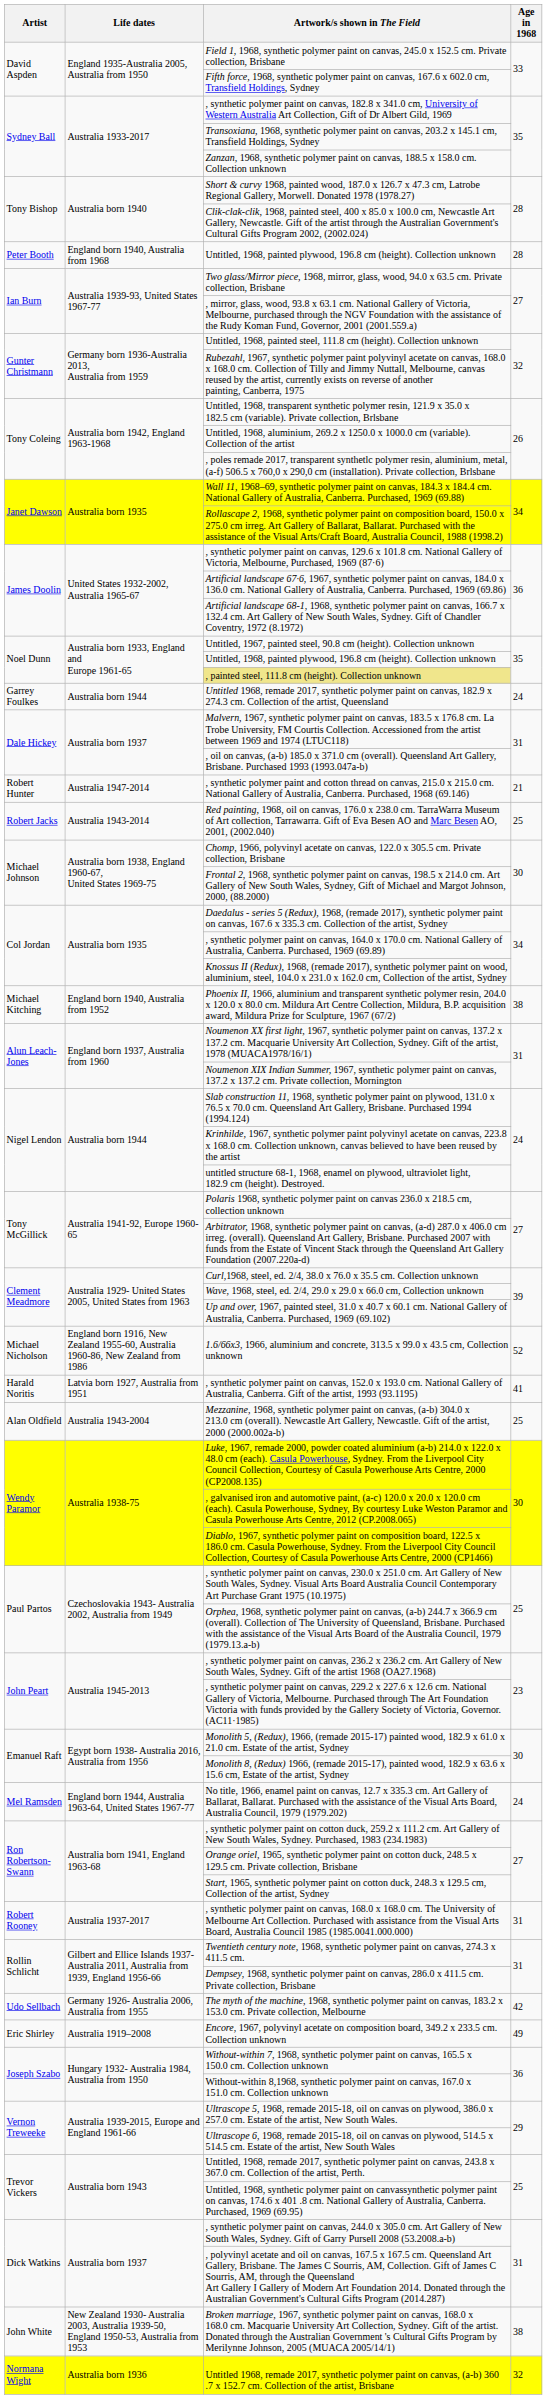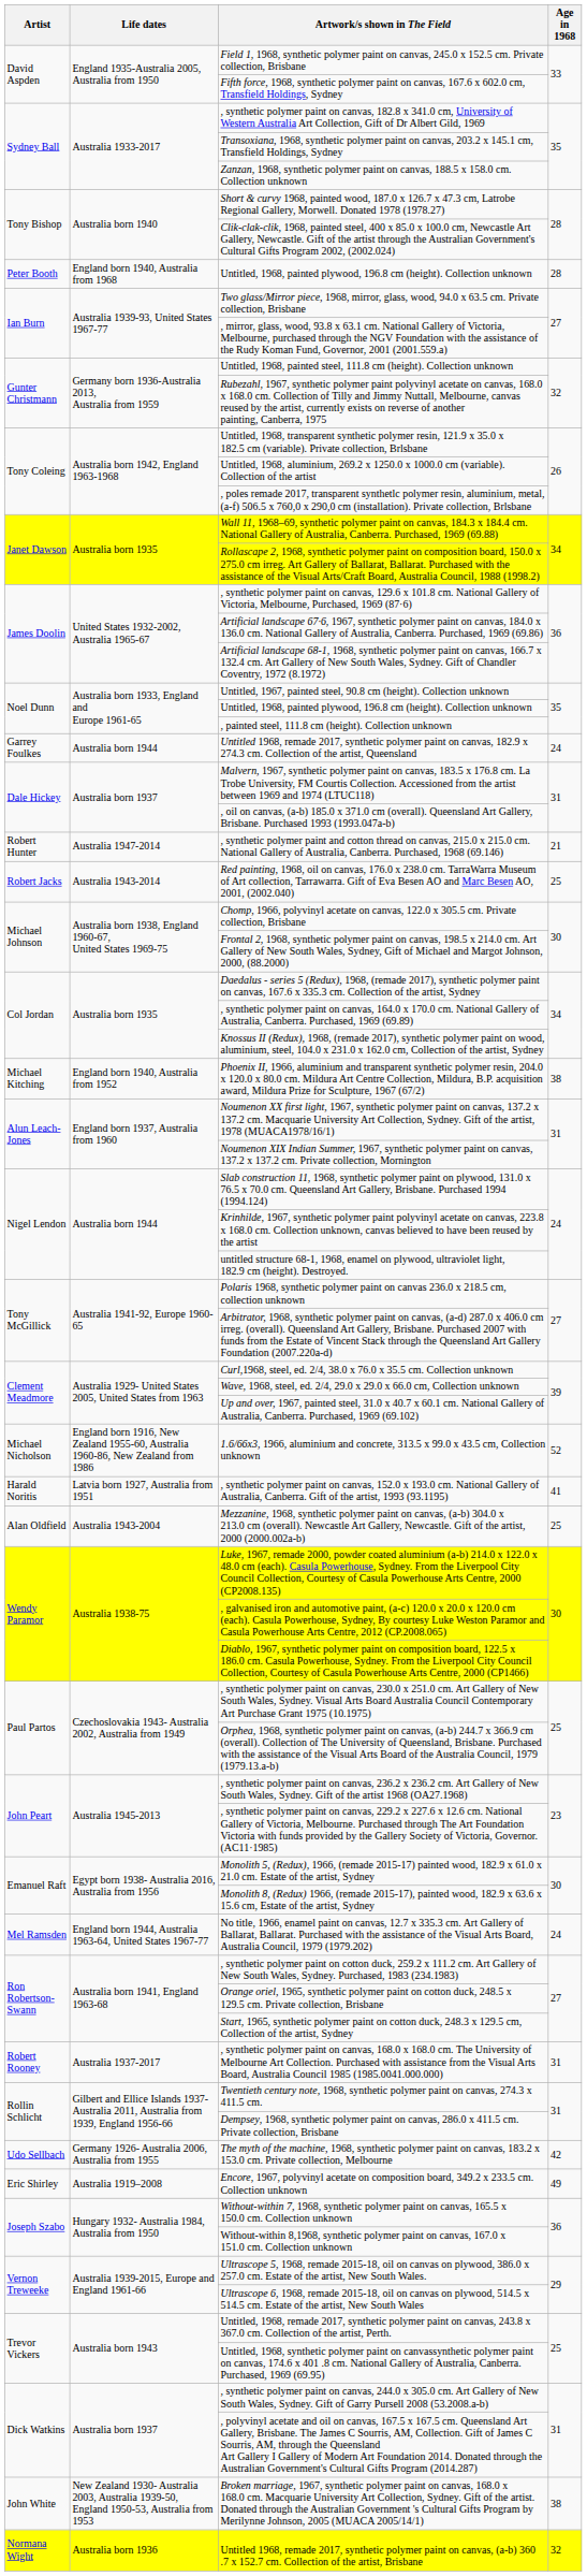 <table class="wikitable">
 <tr>
 <th>Artist</th>
 <th>Life dates</th>
 <th>Artwork/s shown in <em>The Field</em></th>
 <th>Age in 1968</th>
 </tr>
 <tr>
 <td rowspan="2">David Aspden</td>
 <td rowspan="2">England 1935-Australia 2005,<br>Australia from 1950</td>
 <td><em>Field 1</em>, 1968, synthetic polymer paint on canvas, 245.0 x 152.5 cm. Private collection, Brisbane</td>
 <td rowspan="2">33</td>
 </tr>
 <tr>
 <td><em>Fifth force,</em> 1968, synthetic polymer paint on canvas, 167.6 x 602.0 cm, <a href='#'>Transfield Holdings</a>, Sydney</td>
 </tr>
 <tr>
 <td rowspan="3"><a href='#'>Sydney Ball</a></td>
 <td rowspan="3">Australia 1933-2017</td>
 <td>, synthetic polymer paint on canvas, 182.8 x 341.0 cm, <a href='#'>University of Western Australia</a> Art Collection, Gift of Dr Albert Gild, 1969</td>
 <td rowspan="3">35</td>
 </tr>
 <tr>
 <td><em>Transoxiana,</em> 1968, synthetic polymer paint on canvas, 203.2 x 145.1 cm, Transfield Holdings, Sydney</td>
 </tr>
 <tr>
 <td><em>Zanzan,</em> 1968, synthetic polymer paint on canvas, 188.5 x 158.0 cm. Collection unknown</td>
 </tr>
 <tr>
 <td rowspan="2">Tony Bishop</td>
 <td rowspan="2">Australia born 1940</td>
 <td><em>Short & curvy</em> 1968, painted wood, 187.0 x 126.7 x 47.3 cm, Latrobe Regional Gallery, Morwell. Donated 1978 (1978.27)</td>
 <td rowspan="2">28</td>
 </tr>
 <tr>
 <td><em>Clik-clak-clik,</em> 1968, painted steel, 400 x 85.0 x 100.0 cm, Newcastle Art Gallery, Newcastle. Gift of the artist through the Australian Government's Cultural Gifts Program 2002, (2002.024)</td>
 </tr>
 <tr>
 <td><a href='#'>Peter Booth</a></td>
 <td>England born 1940, Australia from 1968</td>
 <td>Untitled, 1968, painted plywood, 196.8 cm (height). Collection unknown</td>
 <td>28</td>
 </tr>
 <tr>
 <td rowspan="2"><a href='#'>Ian Burn</a></td>
 <td rowspan="2">Australia 1939-93, United States 1967-77</td>
 <td><em>Two glass/Mirror piece,</em> 1968, mirror, glass, wood, 94.0 x 63.5 cm. Private collection, Brisbane</td>
 <td rowspan="2">27</td>
 </tr>
 <tr>
 <td>, mirror, glass, wood, 93.8 x 63.1 cm. National Gallery of Victoria, Melbourne, purchased through the NGV Foundation with the assistance of the Rudy Koman Fund, Governor, 2001 (2001.559.a)</td>
 </tr>
 <tr>
 <td rowspan="2"><a href='#'>Gunter Christmann</a></td>
 <td rowspan="2">Germany born 1936-Australia 2013,<br>Australia from 1959</td>
 <td>Untitled, 1968, painted steel, 111.8 cm (height). Collection unknown</td>
 <td rowspan="2">32</td>
 </tr>
 <tr>
 <td><em>Rubezahl</em>, 1967, synthetic polymer paint polyvinyl acetate on canvas, 168.0 x 168.0 cm. Collection of Tilly and Jimmy Nuttall, Melbourne, canvas reused by the artist, currently exists on reverse of another<br>painting, Canberra, 1975</td>
 </tr>
 <tr>
 <td rowspan="3">Tony Coleing</td>
 <td rowspan="3">Australia born 1942, England 1963-1968</td>
 <td>Untitled, 1968, transparent synthetic polymer resin, 121.9 x 35.0 x 182.5 cm (variable). Private collection, Brlsbane</td>
 <td rowspan="3">26</td>
 </tr>
 <tr>
 <td>Untitled, 1968, aluminium, 269.2 x 1250.0 x 1000.0 cm (variable). Collection of the artist</td>
 </tr>
 <tr>
 <td>, poles remade 2017, transparent synthetlc polymer resin, aluminium, metal, (a-f) 506.5 x 760,0 x 290,0 cm (installation). Private collection, Brlsbane</td>
 </tr>
 <tr | style="background: yellow;" |>
 <td rowspan="2"><a href='#'>Janet Dawson</a></td>
 <td rowspan="2">Australia born 1935</td>
 <td><em>Wall 11</em>, 1968–69, synthetic polymer paint on canvas, 184.3 x 184.4 cm. National Gallery of Australia, Canberra. Purchased, 1969 (69.88)</td>
 <td rowspan="2">34</td>
 </tr>
 <tr | style="background: yellow;" |>
 <td><em>Rollascape 2</em>, 1968, synthetic polymer paint on composition board, 150.0 x 275.0 cm irreg. Art Gallery of Ballarat, Ballarat. Purchased with the assistance of the Visual Arts/Craft Board, Australia Council, 1988 (1998.2)</td>
 </tr>
 <tr>
 <td rowspan="3"><a href='#'>James Doolin</a></td>
 <td rowspan="3">United States 1932-2002, Australia 1965-67</td>
 <td>, synthetic polymer paint on canvas, 129.6 x 101.8 cm. National Gallery of Victoria, Melbourne, Purchased, 1969 (87·6)</td>
 <td rowspan="3">36</td>
 </tr>
 <tr>
 <td><em>Artificial landscape 67·6</em>, 1967, synthetic polymer paint on canvas, 184.0 x 136.0 cm. National Gallery of Australia, Canberra. Purchased, 1969 (69.86)</td>
 </tr>
 <tr>
 <td><em>Artificial landscape 68-1</em>, 1968, synthetic polymer paint on canvas, 166.7 x 132.4 cm. Art Gallery of New South Wales, Sydney. Gift of Chandler Coventry, 1972 (8.1972)</td>
 </tr>
 <tr>
 <td rowspan="3">Noel Dunn</td>
 <td rowspan="3">Australia born 1933, England and<br>Europe 1961-65</td>
 <td>Untitled, 1967, painted steel, 90.8 cm (height). Collection unknown</td>
 <td rowspan="3">35</td>
 </tr>
 <tr>
 <td>Untitled, 1968, painted plywood, 196.8 cm (height). Collection unknown</td>
 </tr>
 <tr>
-<td style="background: khaki;">, painted steel, 111.8 cm (height). Collection unknown</td>
+<td>, painted steel, 111.8 cm (height). Collection unknown</td>
 </tr>
 <tr>
 <td>Garrey Foulkes</td>
 <td>Australia born 1944</td>
 <td><em>Untitled</em> 1968, remade 2017, synthetic polymer paint on canvas, 182.9 x 274.3 cm. Collection of the artist, Queensland</td>
 <td>24</td>
 </tr>
 <tr>
 <td rowspan="2"><a href='#'>Dale Hickey</a></td>
 <td rowspan="2">Australia born 1937</td>
 <td><em>Malvern,</em> 1967, synthetic polymer paint on canvas, 183.5 x 176.8 cm. La Trobe University, FM Courtis Collection. Accessioned from the artist between 1969 and 1974 (LTUC118)</td>
 <td rowspan="2">31</td>
 </tr>
 <tr>
 <td>, oil on canvas, (a-b) 185.0 x 371.0 cm (overall). Queensland Art Gallery, Brisbane. Purchased 1993 (1993.047a-b)</td>
 </tr>
 <tr>
 <td>Robert Hunter</td>
 <td>Australia 1947-2014</td>
 <td>, synthetic polymer paint and cotton thread on canvas, 215.0 x 215.0 cm. National Gallery of Australia, Canberra. Purchased, 1968 (69.146)</td>
 <td>21</td>
 </tr>
 <tr>
 <td><a href='#'>Robert Jacks</a></td>
 <td>Australia 1943-2014</td>
 <td><em>Red painting,</em> 1968, oil on canvas, 176.0 x 238.0 cm. TarraWarra Museum of Art collection, Tarrawarra. Gift of Eva Besen AO and <a href='#'>Marc Besen</a> AO, 2001, (2002.040)</td>
 <td>25</td>
 </tr>
 <tr>
 <td rowspan="2">Michael Johnson</td>
 <td rowspan="2">Australia born 1938, England 1960-67,<br>United States 1969-75</td>
 <td><em>Chomp</em>, 1966, polyvinyl acetate on canvas, 122.0 x 305.5 cm. Private collection, Brisbane</td>
 <td rowspan="2">30</td>
 </tr>
 <tr>
 <td><em>Frontal 2</em>, 1968, synthetic polymer paint on canvas, 198.5 x 214.0 cm. Art Gallery of New South Wales, Sydney, Gift of Michael and Margot Johnson, 2000, (88.2000)</td>
 </tr>
 <tr>
 <td rowspan="3">Col Jordan</td>
 <td rowspan="3">Australia born 1935</td>
 <td><em>Daedalus - series 5 (Redux),</em> 1968, (remade 2017), synthetic polymer paint on canvas, 167.6 x 335.3 cm. Collection of the artist, Sydney</td>
 <td rowspan="3">34</td>
 </tr>
 <tr>
 <td>, synthetic polymer paint on canvas, 164.0 x 170.0 cm. National Gallery of Australia, Canberra. Purchased, 1969 (69.89)</td>
 </tr>
 <tr>
 <td><em>Knossus II (Redux),</em> 1968, (remade 2017), synthetic polymer paint on wood, aluminium, steel, 104.0 x 231.0 x 162.0 cm, Collection of the artist, Sydney</td>
 </tr>
 <tr>
 <td>Michael Kitching</td>
 <td>England born 1940, Australia from 1952</td>
 <td><em>Phoenix II</em>, 1966, aluminium and transparent synthetic polymer resin, 204.0 x 120.0 x 80.0 cm. Mildura Art Centre Collection, Mildura, B.P. acquisition award, Mildura Prize for Sculpture, 1967 (67/2)</td>
 <td>38</td>
 </tr>
 <tr>
 <td rowspan="2"><a href='#'>Alun Leach-Jones</a></td>
 <td rowspan="2">England born 1937, Australia from 1960</td>
 <td><em>Noumenon XX first light,</em> 1967, synthetic polymer paint on canvas, 137.2 x 137.2 cm. Macquarie University Art Collection, Sydney. Gift of the artist, 1978 (MUACA1978/16/1)</td>
 <td rowspan="2">31</td>
 </tr>
 <tr>
 <td><em>Noumenon XIX Indian Summer,</em> 1967, synthetic polymer paint on canvas, 137.2 x 137.2 cm. Private collection, Mornington</td>
 </tr>
 <tr>
 <td rowspan="3">Nigel Lendon</td>
 <td rowspan="3">Australia born 1944</td>
 <td><em>Slab construction 11</em>, 1968, synthetic polymer paint on plywood, 131.0 x 76.5 x 70.0 cm. Queensland Art Gallery, Brisbane. Purchased 1994 (1994.124)</td>
 <td rowspan="3">24</td>
 </tr>
 <tr>
 <td><em>Krinhilde,</em> 1967, synthetic polymer paint polyvinyl acetate on canvas, 223.8 x 168.0 cm. Collection unknown, canvas believed to have been reused by the artist</td>
 </tr>
 <tr>
 <td>untitled structure 68-1, 1968, enamel on plywood, ultraviolet light, 182.9 cm (height). Destroyed.</td>
 </tr>
 <tr>
 <td rowspan="2">Tony McGillick</td>
 <td rowspan="2">Australia 1941-92, Europe 1960-65</td>
 <td><em>Polaris</em> 1968, synthetic polymer paint on canvas 236.0 x 218.5 cm, collection unknown</td>
 <td rowspan="2">27</td>
 </tr>
 <tr>
 <td><em>Arbitrator,</em> 1968, synthetic polymer paint on canvas, (a-d) 287.0 x 406.0 cm irreg. (overall). Queensland Art Gallery, Brisbane. Purchased 2007 with funds from the Estate of Vincent Stack through the Queensland Art Gallery Foundation (2007.220a-d)</td>
 </tr>
 <tr>
 <td rowspan="3"><a href='#'>Clement Meadmore</a></td>
 <td rowspan="3">Australia 1929- United States 2005, United States from 1963</td>
 <td><em>Curl</em>,1968, steel, ed. 2/4, 38.0 x 76.0 x 35.5 cm. Collection unknown</td>
 <td rowspan="3">39</td>
 </tr>
 <tr>
 <td><em>Wave</em>, 1968, steel, ed. 2/4, 29.0 x 29.0 x 66.0 cm, Collection unknown</td>
 </tr>
 <tr>
 <td><em>Up and over,</em> 1967, painted steel, 31.0 x 40.7 x 60.1 cm. National Gallery of Australia, Canberra. Purchased, 1969 (69.102)</td>
 </tr>
 <tr>
 <td>Michael Nicholson</td>
 <td>England born 1916, New Zealand 1955-60, Australia 1960-86, New Zealand from 1986</td>
 <td><em>1.6/66x3</em>, 1966, aluminium and concrete, 313.5 x 99.0 x 43.5 cm, Collection unknown</td>
 <td>52</td>
 </tr>
 <tr>
 <td>Harald Noritis</td>
 <td>Latvia born 1927, Australia from 1951</td>
 <td>, synthetic polymer paint on canvas, 152.0 x 193.0 cm. National Gallery of Australia, Canberra. Gift of the artist, 1993 (93.1195)</td>
 <td>41</td>
 </tr>
 <tr>
 <td>Alan Oldfield</td>
 <td>Australia 1943-2004</td>
 <td><em>Mezzanine,</em> 1968, synthetic polymer paint on canvas, (a-b) 304.0 x 213.0 cm (overall). Newcastle Art Gallery, Newcastle. Gift of the artist, 2000 (2000.002a-b)</td>
 <td>25</td>
 </tr>
 <tr | style="background: yellow;" |>
 <td rowspan="3"><a href='#'>Wendy Paramor</a></td>
 <td rowspan="3">Australia 1938-75</td>
 <td><em>Luke</em>, 1967, remade 2000, powder coated aluminium (a-b) 214.0 x 122.0 x 48.0 cm (each). <a href='#'>Casula Powerhouse</a>, Sydney. From the Liverpool City Council Collection, Courtesy of Casula Powerhouse Arts Centre, 2000 (CP2008.135)</td>
 <td rowspan="3">30</td>
 </tr>
 <tr | style="background: yellow;" |>
 <td>, galvanised iron and automotive paint, (a-c) 120.0 x 20.0 x 120.0 cm (each). Casula Powerhouse, Sydney, By courtesy Luke Weston Paramor and Casula Powerhouse Arts Centre, 2012 (CP.2008.065)</td>
 </tr>
 <tr | style="background: yellow;" |>
 <td><em>Diablo</em>, 1967, synthetic polymer paint on composition board, 122.5 x 186.0 cm. Casula Powerhouse, Sydney. From the Liverpool City Council Collection, Courtesy of Casula Powerhouse Arts Centre, 2000 (CP1466)</td>
 </tr>
 <tr>
 <td rowspan="2">Paul Partos</td>
 <td rowspan="2">Czechoslovakia 1943- Australia 2002, Australia from 1949</td>
 <td>, synthetic polymer paint on canvas, 230.0 x 251.0 cm. Art Gallery of New South Wales, Sydney. Visual Arts Board Australia Council Contemporary Art Purchase Grant 1975 (10.1975)</td>
 <td rowspan="2">25</td>
 </tr>
 <tr>
 <td><em>Orphea,</em> 1968, synthetic polymer paint on canvas, (a-b) 244.7 x 366.9 cm (overall). Collection of The University of Queensland, Brisbane. Purchased with the assistance of the Visual Arts Board of the Australia Council, 1979 (1979.13.a-b)</td>
 </tr>
 <tr>
 <td rowspan="2"><a href='#'>John Peart</a></td>
 <td rowspan="2">Australia 1945-2013</td>
 <td>, synthetic polymer paint on canvas, 236.2 x 236.2 cm. Art Gallery of New South Wales, Sydney. Gift of the artist 1968 (OA27.1968)</td>
 <td rowspan="2">23</td>
 </tr>
 <tr>
 <td>, synthetic polymer paint on canvas, 229.2 x 227.6 x 12.6 cm. National Gallery of Victoria, Melbourne. Purchased through The Art Foundation Victoria with funds provided by the Gallery Society of Victoria, Governor. (AC11·1985)</td>
 </tr>
 <tr>
 <td rowspan="2">Emanuel Raft</td>
 <td rowspan="2">Egypt born 1938- Australia 2016, Australia from 1956</td>
 <td><em>Monolith 5, (Redux),</em> 1966, (remade 2015-17) painted wood, 182.9 x 61.0 x 21.0 cm. Estate of the artist, Sydney</td>
 <td rowspan="2">30</td>
 </tr>
 <tr>
 <td><em>Monolith 8</em>, <em>(Redux)</em> 1966, (remade 2015-17), painted wood, 182.9 x 63.6 x 15.6 cm, Estate of the artist, Sydney</td>
 </tr>
 <tr>
 <td><a href='#'>Mel Ramsden</a></td>
 <td>England born 1944, Australia 1963-64, United States 1967-77</td>
 <td>No title, 1966, enamel paint on canvas, 12.7 x 335.3 cm. Art Gallery of Ballarat, Ballarat. Purchased with the assistance of the Visual Arts Board, Australia Council, 1979 (1979.202)</td>
 <td>24</td>
 </tr>
 <tr>
 <td rowspan="3"><a href='#'>Ron Robertson-Swann</a></td>
 <td rowspan="3">Australia born 1941, England 1963-68</td>
 <td>, synthetic polymer paint on cotton duck, 259.2 x 111.2 cm. Art Gallery of New South Wales, Sydney. Purchased, 1983 (234.1983)</td>
 <td rowspan="3">27</td>
 </tr>
 <tr>
 <td><em>Orange oriel,</em> 1965, synthetic polymer paint on cotton duck, 248.5 x 129.5 cm. Private collection, Brisbane</td>
 </tr>
 <tr>
 <td><em>Start</em>, 1965, synthetic polymer paint on cotton duck, 248.3 x 129.5 cm, Collection of the artist, Sydney</td>
 </tr>
 <tr>
 <td><a href='#'>Robert Rooney</a></td>
 <td>Australia 1937-2017</td>
 <td>, synthetic polymer paint on canvas, 168.0 x 168.0 cm. The University of Melbourne Art Collection. Purchased with assistance from the Visual Arts Board, Australia Council 1985 (1985.0041.000.000)</td>
 <td>31</td>
 </tr>
 <tr>
 <td rowspan="2">Rollin Schlicht</td>
 <td rowspan="2">Gilbert and Ellice Islands 1937- Australia 2011, Australia from 1939, England 1956-66</td>
 <td><em>Twentieth century note,</em> 1968, synthetic polymer paint on canvas, 274.3 x 411.5 cm.</td>
 <td rowspan="2">31</td>
 </tr>
 <tr>
 <td><em>Dempsey</em>, 1968, synthetic polymer paint on canvas, 286.0 x 411.5 cm. Private collection, Brisbane</td>
 </tr>
 <tr>
 <td><a href='#'>Udo Sellbach</a></td>
 <td>Germany 1926- Australia 2006, Australia from 1955</td>
 <td><em>The myth of the machine,</em> 1968, synthetic polymer paint on canvas, 183.2 x 153.0 cm. Private collection, Melbourne</td>
 <td>42</td>
 </tr>
 <tr>
 <td>Eric Shirley</td>
 <td>Australia 1919–2008</td>
 <td><em>Encore</em>, 1967, polyvinyl acetate on composition board, 349.2 x 233.5 cm. Collection unknown</td>
 <td>49</td>
 </tr>
 <tr>
 <td rowspan="2"><a href='#'>Joseph Szabo</a></td>
 <td rowspan="2">Hungary 1932- Australia 1984, Australia from 1950</td>
 <td><em>Without-within 7,</em> 1968, synthetic polymer paint on canvas, 165.5 x 150.0 cm. Collection unknown</td>
 <td rowspan="2">36</td>
 </tr>
 <tr>
 <td>Without-within 8,1968, synthetic polymer paint on canvas, 167.0 x 151.0 cm. Collection unknown</td>
 </tr>
 <tr>
 <td rowspan="2"><a href='#'>Vernon Treweeke</a></td>
 <td rowspan="2">Australia 1939-2015, Europe and England 1961-66</td>
 <td><em>Ultrascope 5</em>, 1968, remade 2015-18, oil on canvas on plywood, 386.0 x 257.0 cm. Estate of the artist, New South Wales.</td>
 <td rowspan="2">29</td>
 </tr>
 <tr>
 <td><em>Ultrascope 6</em>, 1968, remade 2015-18, oil on canvas on plywood, 514.5 x 514.5 cm. Estate of the artist, New South Wales</td>
 </tr>
 <tr>
 <td rowspan="2">Trevor Vickers</td>
 <td rowspan="2">Australia born 1943</td>
 <td>Untitled, 1968, remade 2017, synthetic polymer paint on canvas, 243.8 x 367.0 cm. Collection of the artist, Perth.</td>
 <td rowspan="2">25</td>
 </tr>
 <tr>
 <td>Untitled, 1968, synthetic polymer paint on canvassynthetic polymer paint on canvas, 174.6 x 401 .8 cm. National Gallery of Australia, Canberra. Purchased, 1969 (69.95)</td>
 </tr>
 <tr>
 <td rowspan="2">Dick Watkins</td>
 <td rowspan="2">Australia born 1937</td>
 <td>, synthetic polymer paint on canvas, 244.0 x 305.0 cm. Art Gallery of New South Wales, Sydney. Gift of Garry Pursell 2008 (53.2008.a-b)</td>
 <td rowspan="2">31</td>
 </tr>
 <tr>
 <td>, polyvinyl acetate and oil on canvas, 167.5 x 167.5 cm. Queensland Art Gallery, Brisbane. The James C Sourris, AM, Collection. Gift of James C Sourris, AM, through the Queensland<br>Art Gallery I Gallery of Modern Art Foundation 2014. Donated through the Australian Government's Cultural Gifts Program (2014.287)</td>
 </tr>
 <tr>
 <td>John White</td>
 <td>New Zealand 1930- Australia 2003, Australia 1939-50, England 1950-53, Australia from 1953</td>
 <td><em>Broken marriage,</em> 1967, synthetic polymer paint on canvas, 168.0 x 168.0 cm. Macquarie University Art Collection, Sydney. Gift of the artist. Donated through the Australian Government 's Cultural Gifts Program by Merilynne Johnson, 2005 (MUACA 2005/14/1)</td>
 <td>38</td>
 </tr>
 <tr | style="background: yellow;" |>
 <td><a href='#'>Normana Wight</a></td>
 <td>Australia born 1936</td>
 <td><br>Untitled 1968, remade 2017, synthetic polymer paint on canvas, (a-b) 360 .7 x 152.7 cm. Collection of the artist, Brisbane</td>
 <td>32</td>
 </tr>
 </table>
